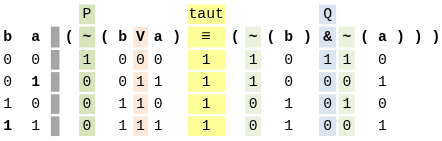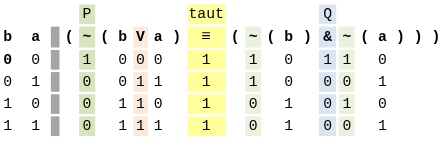 <table style="margin-left: auto; margin-right: auto; border: none;">
 <tr style="font-size:9pt; text-align:center">
 <td width="18.75" Height="12"></td>
 <td width="18.75"></td>
 <td width="4.5"></td>
 <td width="10.5"></td>
 <td style="background-color:#D7E4BC" width="10.5">P</td>
 <td width="10.5"></td>
 <td width="10.5"></td>
 <td width="10.5"></td>
 <td width="10.5"></td>
 <td width="11.25"></td>
 <td style="background-color:#FFFF99" width="21.75">taut</td>
 <td width="10.5"></td>
 <td width="10.5"></td>
 <td width="10.5"></td>
 <td width="10.5"></td>
 <td width="12"></td>
 <td style="background-color:#DBE5F1" width="12.75">Q</td>
 <td width="10.5"></td>
 <td width="10.5"></td>
 <td width="10.5"></td>
 <td width="10.5"></td>
 <td width="10.5"></td>
 <td width="10.5"></td>
 </tr>
 <tr style="font-weight:bold" align="center">
 <td style="font-size:9pt" Height="15">b</td>
 <td style="font-size:9pt">a</td>
 <td style="background-color:#A5A5A5;font-size:9pt"></td>
 <td style="font-size:9pt">(</td>
 <td style="background-color:#D7E4BC;font-size:9pt">~</td>
 <td style="font-size:9pt">(</td>
 <td style="font-size:9pt">b</td>
 <td style="background-color:#FDE9D9;font-size:9pt">V</td>
 <td style="font-size:9pt">a</td>
 <td style="font-size:9pt">)</td>
 <td style="background-color:#FFFF99">≡</td>
 <td style="font-size:9pt">(</td>
 <td style="background-color:#EAF1DD;font-size:9pt">~</td>
 <td style="font-size:9pt">(</td>
 <td style="font-size:9pt">b</td>
 <td style="font-size:9pt">)</td>
 <td style="background-color:#DBE5F1;font-size:9pt">&</td>
 <td style="background-color:#EAF1DD;font-size:9pt">~</td>
 <td style="font-size:9pt">(</td>
 <td style="font-size:9pt">a</td>
 <td style="font-size:9pt">)</td>
 <td style="font-size:9pt">)</td>
 <td style="font-size:9pt">)</td>
 </tr>
 <tr style="font-size:9pt" align="center">
-<td Height="12">0</td>
+<td Height="12"><strong>0</strong></td>
 <td>0</td>
 <td style="background-color:#A5A5A5"></td>
 <td></td>
 <td style="background-color:#D7E4BC">1</td>
 <td></td>
 <td>0</td>
 <td style="background-color:#FDE9D9">0</td>
 <td>0</td>
 <td></td>
 <td style="background-color:#FFFF99">1</td>
 <td></td>
 <td style="background-color:#EAF1DD">1</td>
 <td></td>
 <td>0</td>
 <td></td>
 <td style="background-color:#DBE5F1">1</td>
 <td style="background-color:#EAF1DD">1</td>
 <td></td>
 <td>0</td>
 <td></td>
 <td></td>
 <td></td>
 </tr>
 <tr style="font-size:9pt" align="center">
 <td Height="12">0</td>
-<td><strong>1</strong></td>
+<td>1</td>
 <td style="background-color:#A5A5A5"></td>
 <td></td>
 <td style="background-color:#D7E4BC">0</td>
 <td></td>
 <td>0</td>
 <td style="background-color:#FDE9D9">1</td>
 <td>1</td>
 <td></td>
 <td style="background-color:#FFFF99">1</td>
 <td></td>
 <td style="background-color:#EAF1DD">1</td>
 <td></td>
 <td>0</td>
 <td></td>
 <td style="background-color:#DBE5F1">0</td>
 <td style="background-color:#EAF1DD">0</td>
 <td></td>
 <td>1</td>
 <td></td>
 <td></td>
 <td></td>
 </tr>
 <tr style="font-size:9pt" align="center">
 <td Height="12">1</td>
 <td>0</td>
 <td style="background-color:#A5A5A5"></td>
 <td></td>
 <td style="background-color:#D7E4BC">0</td>
 <td></td>
 <td>1</td>
 <td style="background-color:#FDE9D9">1</td>
 <td>0</td>
 <td></td>
 <td style="background-color:#FFFF99">1</td>
 <td></td>
 <td style="background-color:#EAF1DD">0</td>
 <td></td>
 <td>1</td>
 <td></td>
 <td style="background-color:#DBE5F1">0</td>
 <td style="background-color:#EAF1DD">1</td>
 <td></td>
 <td>0</td>
 <td></td>
 <td></td>
 <td></td>
 </tr>
 <tr style="font-size:9pt" align="center">
-<td Height="12"><strong>1</strong></td>
+<td Height="12">1</td>
 <td>1</td>
 <td style="background-color:#A5A5A5"></td>
 <td></td>
 <td style="background-color:#D7E4BC">0</td>
 <td></td>
 <td>1</td>
 <td style="background-color:#FDE9D9">1</td>
 <td>1</td>
 <td></td>
 <td style="background-color:#FFFF99">1</td>
 <td></td>
 <td style="background-color:#EAF1DD">0</td>
 <td></td>
 <td>1</td>
 <td></td>
 <td style="background-color:#DBE5F1">0</td>
 <td style="background-color:#EAF1DD">0</td>
 <td></td>
 <td>1</td>
 <td></td>
 <td></td>
 <td></td>
 </tr>
 </table>
